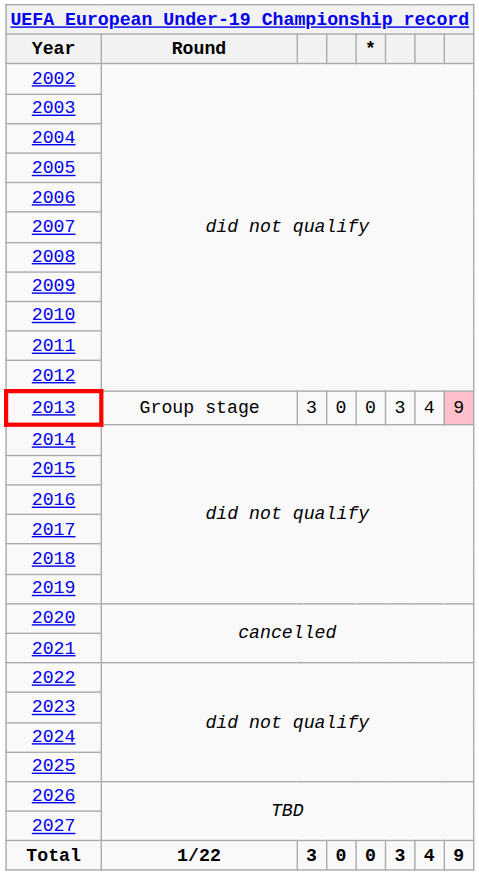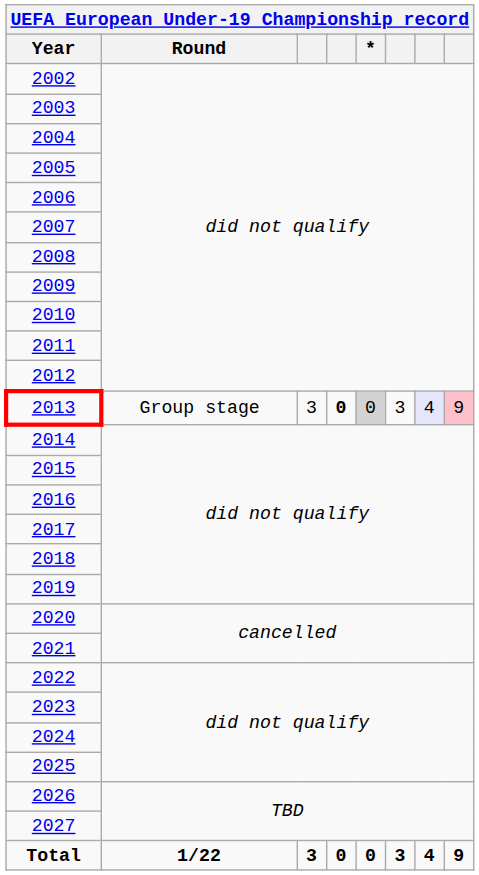 <table class="wikitable" style="text-align: center;">
 <tr>
 <th colspan=8><a href='#'>UEFA European Under-19 Championship record</a></th>
 </tr>
 <tr>
 <th>Year</th>
 <th>Round</th>
 <th></th>
 <th></th>
 <th> *</th>
 <th></th>
 <th></th>
 <th></th>
 </tr>
 <tr>
 <td> <a href='#'>2002</a></td>
 <td colspan=8 rowspan=11><em>did not qualify</em></td>
 </tr>
 <tr>
 <td> <a href='#'>2003</a></td>
 </tr>
 <tr>
 <td> <a href='#'>2004</a></td>
 </tr>
 <tr>
 <td> <a href='#'>2005</a></td>
 </tr>
 <tr>
 <td> <a href='#'>2006</a></td>
 </tr>
 <tr>
 <td> <a href='#'>2007</a></td>
 </tr>
 <tr>
 <td> <a href='#'>2008</a></td>
 </tr>
 <tr>
 <td> <a href='#'>2009</a></td>
 </tr>
 <tr>
 <td> <a href='#'>2010</a></td>
 </tr>
 <tr>
 <td> <a href='#'>2011</a></td>
 </tr>
 <tr>
 <td> <a href='#'>2012</a></td>
 </tr>
 <tr>
 <td style="border: 3px solid red"> <a href='#'>2013</a></td>
 <td>Group stage</td>
 <td>3</td>
-<td>0</td>
-<td>0</td>
+<td><strong>0</strong></td>
+<td style="background: lightgrey;">0</td>
 <td>3</td>
-<td>4</td>
+<td style="background: lavender;">4</td>
 <td style="background: pink;">9</td>
 </tr>
 <tr>
 <td> <a href='#'>2014</a></td>
 <td colspan=8 rowspan=6><em>did not qualify</em></td>
 </tr>
 <tr>
 <td> <a href='#'>2015</a></td>
 </tr>
 <tr>
 <td> <a href='#'>2016</a></td>
 </tr>
 <tr>
 <td> <a href='#'>2017</a></td>
 </tr>
 <tr>
 <td> <a href='#'>2018</a></td>
 </tr>
 <tr>
 <td> <a href='#'>2019</a></td>
 </tr>
 <tr>
 <td> <a href='#'>2020</a></td>
 <td colspan=8 rowspan=2><em>cancelled</em></td>
 </tr>
 <tr>
 <td> <a href='#'>2021</a></td>
 </tr>
 <tr>
 <td> <a href='#'>2022</a></td>
 <td colspan=8 rowspan=4><em>did not qualify</em></td>
 </tr>
 <tr>
 <td> <a href='#'>2023</a></td>
 </tr>
 <tr>
 <td> <a href='#'>2024</a></td>
 </tr>
 <tr>
 <td> <a href='#'>2025</a></td>
 </tr>
 <tr>
 <td> <a href='#'>2026</a></td>
 <td colspan=8 rowspan=2><em>TBD</em></td>
 </tr>
 <tr>
 <td> <a href='#'>2027</a></td>
 </tr>
 <tr>
 <td><strong>Total</strong></td>
 <td><strong>1/22</strong></td>
 <td><strong>3</strong></td>
 <td><strong>0</strong></td>
 <td><strong>0</strong></td>
 <td><strong>3</strong></td>
 <td><strong>4</strong></td>
 <td><strong>9</strong></td>
 </tr>
 </table>
